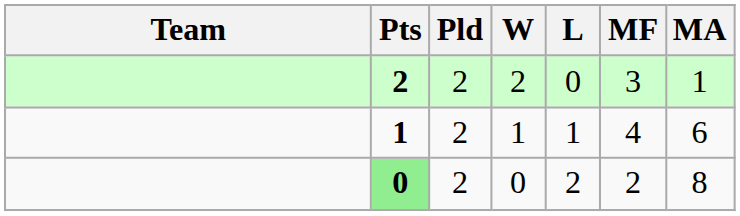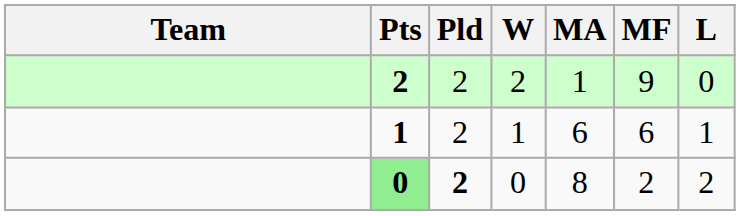 <table class=wikitable style="text-align:center">
 <tr>
 <th width=175>Team</th>
 <th width=20>Pts</th>
 <th width=20>Pld</th>
 <th width=20>W</th>
+<th width=20>MA</th>
+<th width=20>MF</th>
 <th width=20>L</th>
-<th width=20>MF</th>
-<th width=20>MA</th>
 </tr>
 <tr bgcolor=#ccffcc>
 <td style="text-align:left"></td>
 <td><strong>2</strong></td>
 <td>2</td>
 <td>2</td>
+<td>1</td>
+<td>9</td>
 <td>0</td>
-<td>3</td>
-<td>1</td>
 </tr>
 <tr>
 <td style="text-align:left"></td>
 <td><strong>1</strong></td>
 <td>2</td>
 <td>1</td>
+<td>6</td>
+<td>6</td>
 <td>1</td>
-<td>4</td>
-<td>6</td>
 </tr>
 <tr>
 <td style="text-align:left"></td>
 <td style="background: lightgreen;"><strong>0</strong></td>
-<td>2</td>
+<td><strong>2</strong></td>
 <td>0</td>
+<td>8</td>
 <td>2</td>
 <td>2</td>
-<td>8</td>
 </tr>
 </table>
